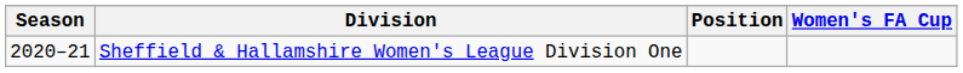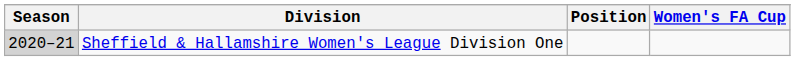 <table class="wikitable collapsible" style=" text-align:center;">
 <tr>
 </tr>
 <tr>
 <th>Season</th>
 <th>Division</th>
 <th>Position</th>
 <th><a href='#'>Women's FA Cup</a></th>
 </tr>
 <tr>
-<td>2020–21</td>
+<td style="background: lightgrey;">2020–21</td>
 <td><a href='#'>Sheffield & Hallamshire Women's League</a> Division One</td>
 <td></td>
 <td></td>
 </tr>
 </table>
